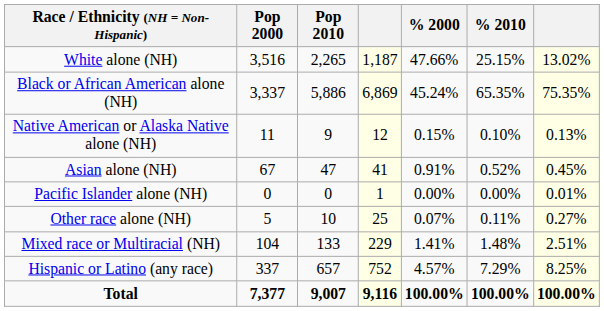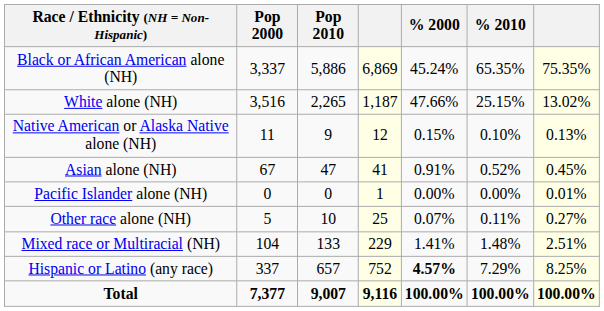 <table class="wikitable" style="text-align:center;">
 <tr>
 <th>Race / Ethnicity <small>(<em>NH = Non-Hispanic</em>)</small></th>
 <th>Pop 2000</th>
 <th>Pop 2010</th>
 <th></th>
 <th>% 2000</th>
 <th>% 2010</th>
 <th></th>
 </tr>
 <tr>
+<td><a href='#'>Black or African American</a> alone (NH)</td>
+<td>3,337</td>
+<td>5,886</td>
+<td style='background: #ffffe6;'>6,869</td>
+<td>45.24%</td>
+<td>65.35%</td>
+<td style='background: #ffffe6;'>75.35%</td>
+</tr>
+<tr>
 <td><a href='#'>White</a> alone (NH)</td>
 <td>3,516</td>
 <td>2,265</td>
 <td style='background: #ffffe6;'>1,187</td>
 <td>47.66%</td>
 <td>25.15%</td>
 <td style='background: #ffffe6;'>13.02%</td>
-</tr>
-<tr>
-<td><a href='#'>Black or African American</a> alone (NH)</td>
-<td>3,337</td>
-<td>5,886</td>
-<td style='background: #ffffe6;'>6,869</td>
-<td>45.24%</td>
-<td>65.35%</td>
-<td style='background: #ffffe6;'>75.35%</td>
 </tr>
 <tr>
 <td><a href='#'>Native American</a> or <a href='#'>Alaska Native</a> alone (NH)</td>
 <td>11</td>
 <td>9</td>
 <td style='background: #ffffe6;'>12</td>
 <td>0.15%</td>
 <td>0.10%</td>
 <td style='background: #ffffe6;'>0.13%</td>
 </tr>
 <tr>
 <td><a href='#'>Asian</a> alone (NH)</td>
 <td>67</td>
 <td>47</td>
 <td style='background: #ffffe6;'>41</td>
 <td>0.91%</td>
 <td>0.52%</td>
 <td style='background: #ffffe6;'>0.45%</td>
 </tr>
 <tr>
 <td><a href='#'>Pacific Islander</a> alone (NH)</td>
 <td>0</td>
 <td>0</td>
 <td style='background: #ffffe6;'>1</td>
 <td>0.00%</td>
 <td>0.00%</td>
 <td style='background: #ffffe6;'>0.01%</td>
 </tr>
 <tr>
 <td><a href='#'>Other race</a> alone (NH)</td>
 <td>5</td>
 <td>10</td>
 <td style='background: #ffffe6;'>25</td>
 <td>0.07%</td>
 <td>0.11%</td>
 <td style='background: #ffffe6;'>0.27%</td>
 </tr>
 <tr>
 <td><a href='#'>Mixed race or Multiracial</a> (NH)</td>
 <td>104</td>
 <td>133</td>
 <td style='background: #ffffe6;'>229</td>
 <td>1.41%</td>
 <td>1.48%</td>
 <td style='background: #ffffe6;'>2.51%</td>
 </tr>
 <tr>
 <td><a href='#'>Hispanic or Latino</a> (any race)</td>
 <td>337</td>
 <td>657</td>
 <td style='background: #ffffe6;'>752</td>
-<td>4.57%</td>
+<td><strong>4.57%</strong></td>
 <td>7.29%</td>
 <td style='background: #ffffe6;'>8.25%</td>
 </tr>
 <tr>
 <td><strong>Total</strong></td>
 <td><strong>7,377</strong></td>
 <td><strong>9,007</strong></td>
 <td style='background: #ffffe6;'><strong>9,116</strong></td>
 <td><strong>100.00%</strong></td>
 <td><strong>100.00%</strong></td>
 <td style='background: #ffffe6;'><strong>100.00%</strong></td>
 </tr>
 </table>
